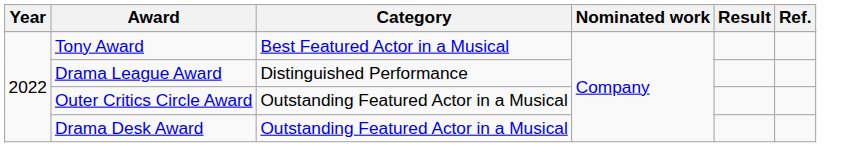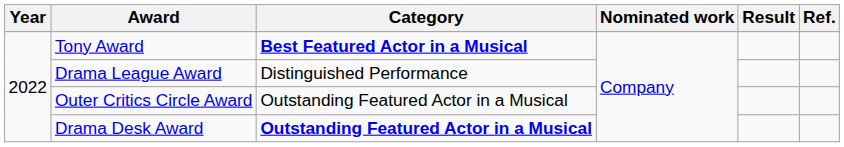 <table class="wikitable">
 <tr>
 <th>Year</th>
 <th>Award</th>
 <th>Category</th>
 <th>Nominated work</th>
 <th>Result</th>
 <th>Ref.</th>
 </tr>
 <tr>
 </tr>
 <tr>
 <td rowspan="4">2022</td>
 <td><a href='#'>Tony Award</a></td>
-<td><a href='#'>Best Featured Actor in a Musical</a></td>
+<td><strong><a href='#'>Best Featured Actor in a Musical</a></strong></td>
 <td rowspan="4"><a href='#'>Company</a></td>
 <td></td>
 <td></td>
 </tr>
 <tr>
 <td><a href='#'>Drama League Award</a></td>
 <td>Distinguished Performance</td>
 <td></td>
 <td></td>
 </tr>
 <tr>
 <td><a href='#'>Outer Critics Circle Award</a></td>
 <td>Outstanding Featured Actor in a Musical</td>
 <td></td>
 <td></td>
 </tr>
 <tr>
 <td><a href='#'>Drama Desk Award</a></td>
-<td><a href='#'>Outstanding Featured Actor in a Musical</a></td>
+<td><strong><a href='#'>Outstanding Featured Actor in a Musical</a></strong></td>
 <td></td>
 <td></td>
 </tr>
 </table>
